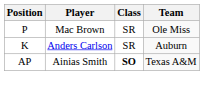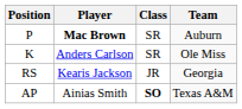 <table class="wikitable sortable">
 <tr>
 <th>Position</th>
 <th>Player</th>
 <th>Class</th>
 <th>Team</th>
 </tr>
 <tr style="text-align:center;">
 <td style="background:white">P</td>
-<td style="background:white">Mac Brown</td>
+<td style="background:white"><strong>Mac Brown</strong></td>
 <td style="background:white">SR</td>
-<td>Ole Miss</td>
+<td>Auburn</td>
 </tr>
 <tr style="text-align:center;">
 <td style="background:white">K</td>
 <td style="background:white"><a href='#'>Anders Carlson</a></td>
 <td style="background:white">SR</td>
-<td>Auburn</td>
+<td>Ole Miss</td>
+</tr>
+<tr style="text-align:center;">
+<td style="background:white">RS</td>
+<td style="background:white"><a href='#'>Kearis Jackson</a></td>
+<td style="background:white">JR</td>
+<td>Georgia</td>
 </tr>
 <tr style="text-align:center;">
 <td style="background:white">AP</td>
 <td style="background:white">Ainias Smith</td>
 <td style="background:white"><strong>SO</strong></td>
 <td>Texas A&M</td>
 </tr>
 </table>
